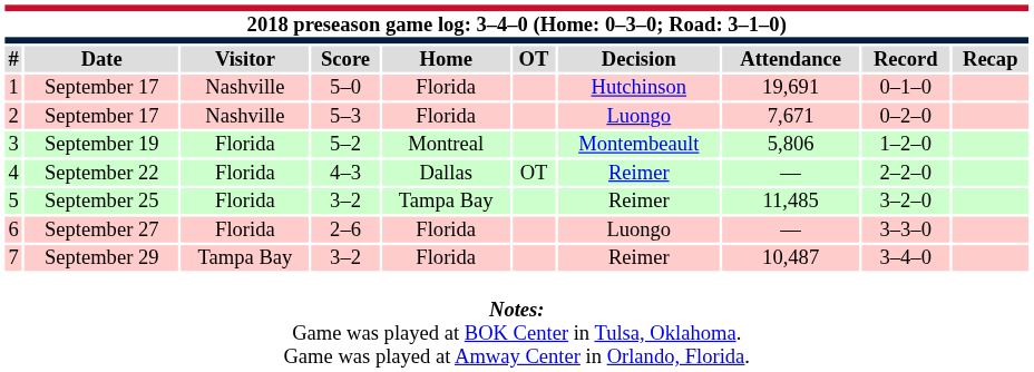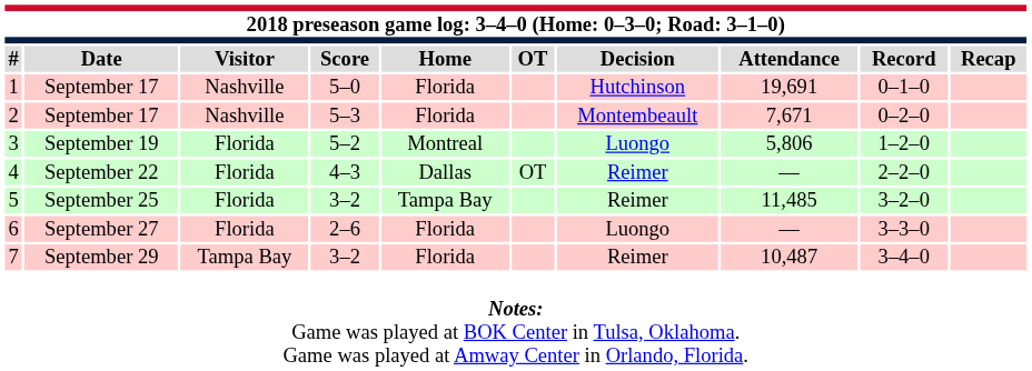 <table class="toccolours collapsible collapsed" style="width:90%; clear:both; margin:1.5em auto; text-align:center;">
 <tr>
 <th colspan="10" style="background:#FFFFFF; border-top:#C8102E 5px solid; border-bottom:#041E42 5px solid;">2018 preseason game log: 3–4–0 (Home: 0–3–0; Road: 3–1–0)</th>
 </tr>
 <tr style="background:#ddd;">
 <th>#</th>
 <th>Date</th>
 <th>Visitor</th>
 <th>Score</th>
 <th>Home</th>
 <th>OT</th>
 <th>Decision</th>
 <th>Attendance</th>
 <th>Record</th>
 <th>Recap</th>
 </tr>
 <tr style="background:#fcc;">
 <td>1</td>
 <td>September 17</td>
 <td>Nashville</td>
 <td>5–0</td>
 <td>Florida</td>
 <td></td>
 <td><a href='#'>Hutchinson</a></td>
 <td>19,691</td>
 <td>0–1–0</td>
 <td></td>
 </tr>
 <tr style="background:#fcc;">
 <td>2</td>
 <td>September 17</td>
 <td>Nashville</td>
 <td>5–3</td>
 <td>Florida</td>
 <td></td>
-<td><a href='#'>Luongo</a></td>
+<td><a href='#'>Montembeault</a></td>
 <td>7,671</td>
 <td>0–2–0</td>
 <td></td>
 </tr>
 <tr style="background:#cfc;">
 <td>3</td>
 <td>September 19</td>
 <td>Florida</td>
 <td>5–2</td>
 <td>Montreal</td>
 <td></td>
-<td><a href='#'>Montembeault</a></td>
+<td><a href='#'>Luongo</a></td>
 <td>5,806</td>
 <td>1–2–0</td>
 <td></td>
 </tr>
 <tr style="background:#cfc;">
 <td>4</td>
 <td>September 22</td>
 <td>Florida</td>
 <td>4–3</td>
 <td>Dallas</td>
 <td>OT</td>
 <td><a href='#'>Reimer</a></td>
 <td>—</td>
 <td>2–2–0</td>
 <td></td>
 </tr>
 <tr style="background:#cfc;">
 <td>5</td>
 <td>September 25</td>
 <td>Florida</td>
 <td>3–2</td>
 <td>Tampa Bay</td>
 <td></td>
 <td>Reimer</td>
 <td>11,485</td>
 <td>3–2–0</td>
 <td></td>
 </tr>
 <tr style="background:#fcc;">
 <td>6</td>
 <td>September 27</td>
 <td>Florida</td>
 <td>2–6</td>
 <td>Florida</td>
 <td></td>
 <td>Luongo</td>
 <td>—</td>
 <td>3–3–0</td>
 <td></td>
 </tr>
 <tr style="background:#fcc;">
 <td>7</td>
 <td>September 29</td>
 <td>Tampa Bay</td>
 <td>3–2</td>
 <td>Florida</td>
 <td></td>
 <td>Reimer</td>
 <td>10,487</td>
 <td>3–4–0</td>
 <td></td>
 </tr>
 <tr>
 <td colspan="10" style="text-align:center;"><br><strong><em>Notes:</em></strong><br>  Game was played at <a href='#'>BOK Center</a> in <a href='#'>Tulsa, Oklahoma</a>.<br>  Game was played at <a href='#'>Amway Center</a> in <a href='#'>Orlando, Florida</a>.</td>
 </tr>
 </table>
